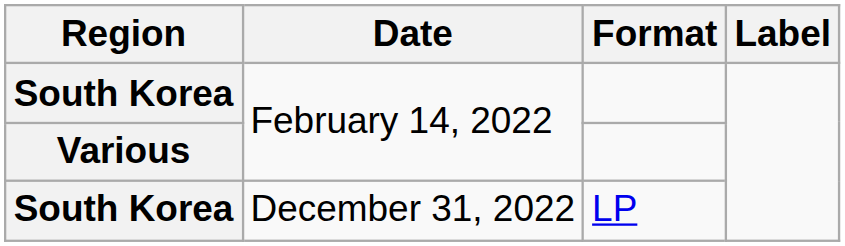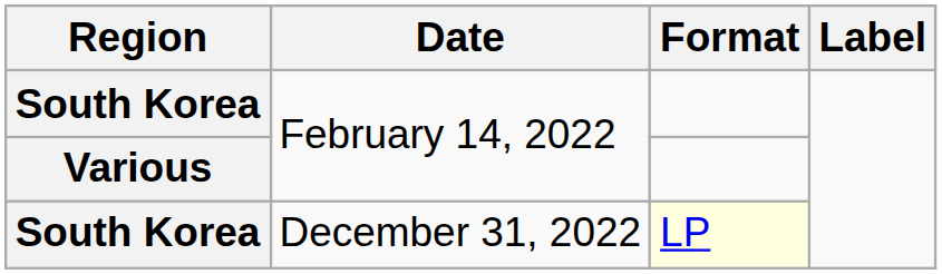 <table class="wikitable plainrowheaders">
 <tr>
 <th scope="col">Region</th>
 <th scope="col">Date</th>
 <th scope="col">Format</th>
 <th scope="col">Label</th>
 </tr>
 <tr>
 <th scope="row">South Korea</th>
 <td rowspan="2">February 14, 2022</td>
 <td></td>
 <td rowspan="3"></td>
 </tr>
 <tr>
 <th scope="row">Various </th>
 <td></td>
 </tr>
 <tr>
 <th scope="row">South Korea</th>
 <td>December 31, 2022</td>
-<td><a href='#'>LP</a></td>
+<td style="background: lightyellow;"><a href='#'>LP</a></td>
 </tr>
 </table>
